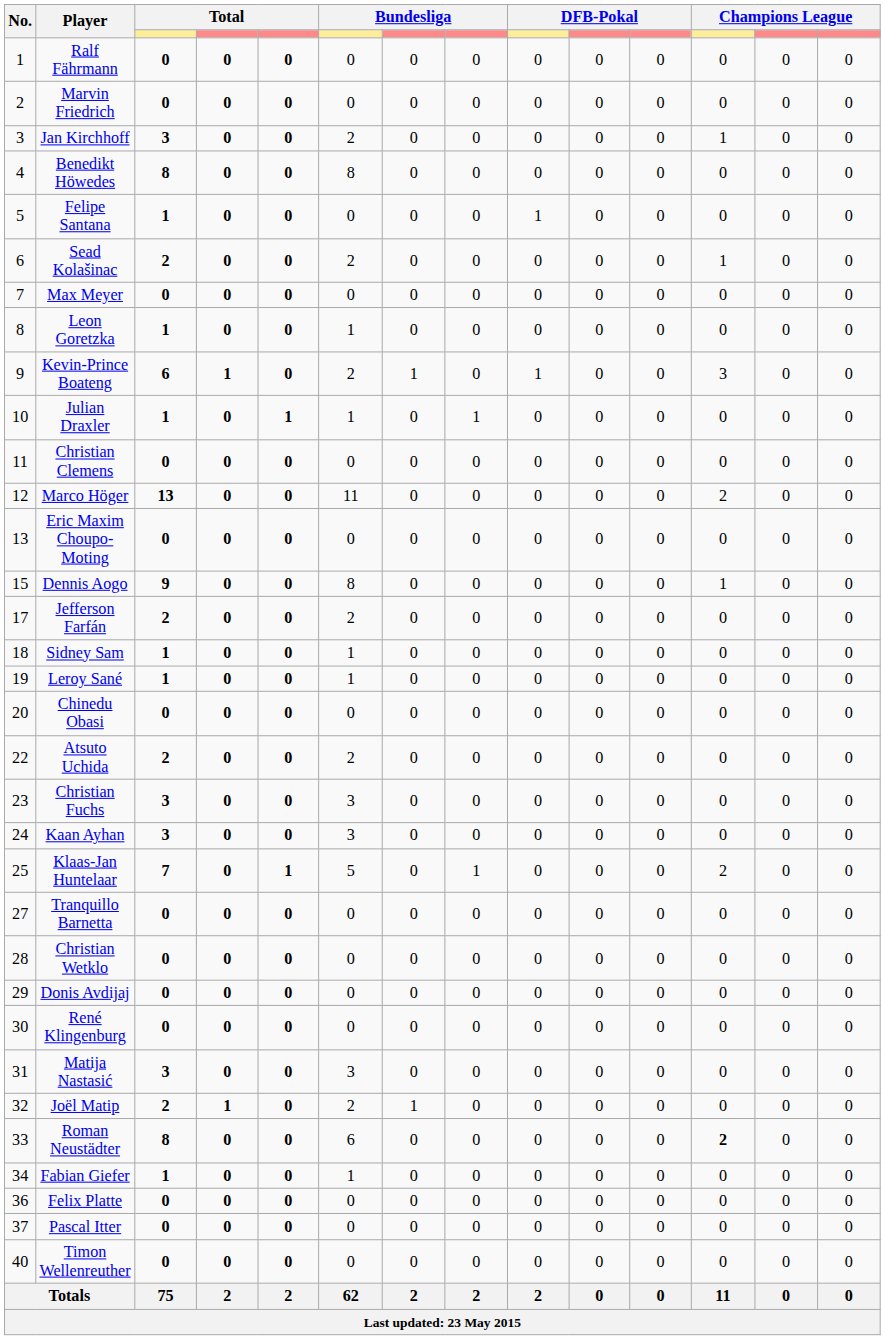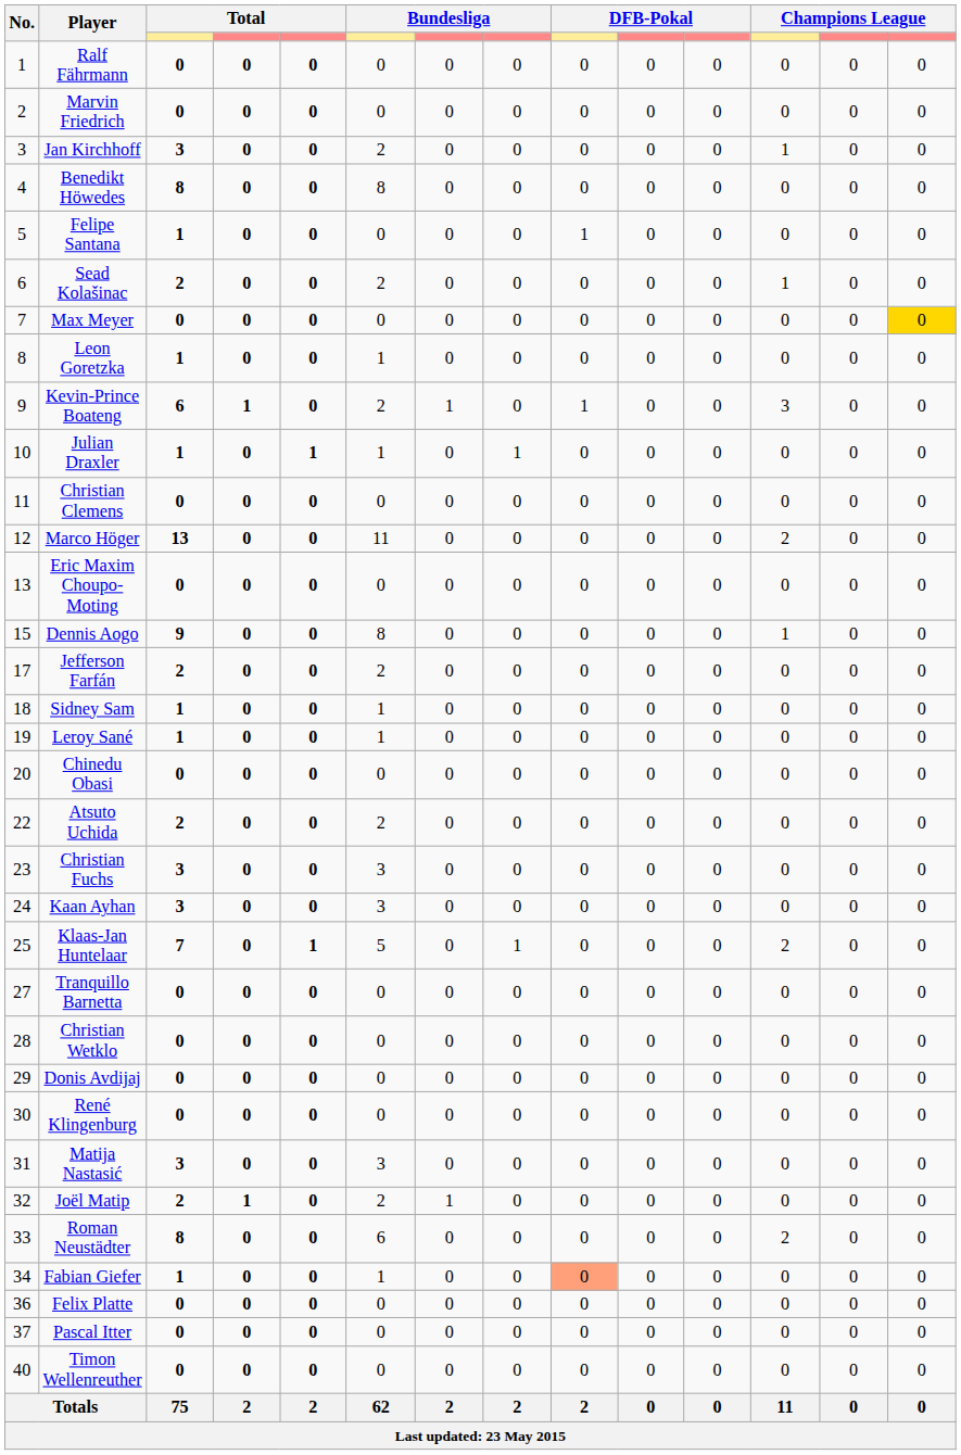 <table class="wikitable" style="text-align:center;">
 <tr style="text-align:center;">
 <th rowspan="2">No.</th>
 <th rowspan="2">Player</th>
 <th colspan="3">Total</th>
 <th colspan="3"><a href='#'>Bundesliga</a></th>
 <th colspan="3"><a href='#'>DFB-Pokal</a></th>
 <th colspan="3"><a href='#'>Champions League</a></th>
 </tr>
 <tr>
 <th style="width:60px; background:#fe9;"></th>
 <th style="width:60px; background:#ff8888;"></th>
 <th style="width:60px; background:#ff8888;"></th>
 <th style="width:60px; background:#fe9;"></th>
 <th style="width:60px; background:#ff8888;"></th>
 <th style="width:60px; background:#ff8888;"></th>
 <th style="width:60px; background:#fe9;"></th>
 <th style="width:60px; background:#ff8888;"></th>
 <th style="width:60px; background:#ff8888;"></th>
 <th style="width:60px; background:#fe9;"></th>
 <th style="width:60px; background:#ff8888;"></th>
 <th style="width:60px; background:#ff8888;"></th>
 </tr>
 <tr>
 <td>1</td>
 <td><a href='#'>Ralf Fährmann</a></td>
 <td><strong>0</strong> </td>
 <td><strong>0</strong> </td>
 <td><strong>0</strong> </td>
 <td>0 </td>
 <td>0 </td>
 <td>0 </td>
 <td>0 </td>
 <td>0 </td>
 <td>0 </td>
 <td>0 </td>
 <td>0 </td>
 <td>0 </td>
 </tr>
 <tr>
 <td>2</td>
 <td><a href='#'>Marvin Friedrich</a></td>
 <td><strong>0</strong> </td>
 <td><strong>0</strong> </td>
 <td><strong>0</strong> </td>
 <td>0 </td>
 <td>0 </td>
 <td>0 </td>
 <td>0 </td>
 <td>0 </td>
 <td>0 </td>
 <td>0 </td>
 <td>0 </td>
 <td>0 </td>
 </tr>
 <tr>
 <td>3</td>
 <td><a href='#'>Jan Kirchhoff</a></td>
 <td><strong>3</strong> </td>
 <td><strong>0</strong> </td>
 <td><strong>0</strong> </td>
 <td>2 </td>
 <td>0 </td>
 <td>0 </td>
 <td>0 </td>
 <td>0 </td>
 <td>0 </td>
 <td>1 </td>
 <td>0 </td>
 <td>0 </td>
 </tr>
 <tr>
 <td>4</td>
 <td><a href='#'>Benedikt Höwedes</a></td>
 <td><strong>8</strong> </td>
 <td><strong>0</strong> </td>
 <td><strong>0</strong> </td>
 <td>8 </td>
 <td>0 </td>
 <td>0 </td>
 <td>0 </td>
 <td>0 </td>
 <td>0 </td>
 <td>0 </td>
 <td>0 </td>
 <td>0 </td>
 </tr>
 <tr>
 <td>5</td>
 <td><a href='#'>Felipe Santana</a></td>
 <td><strong>1</strong> </td>
 <td><strong>0</strong> </td>
 <td><strong>0</strong> </td>
 <td>0 </td>
 <td>0 </td>
 <td>0 </td>
 <td>1 </td>
 <td>0 </td>
 <td>0 </td>
 <td>0 </td>
 <td>0 </td>
 <td>0 </td>
 </tr>
 <tr>
 <td>6</td>
 <td><a href='#'>Sead Kolašinac</a></td>
 <td><strong>2</strong> </td>
 <td><strong>0</strong> </td>
 <td><strong>0</strong> </td>
 <td>2 </td>
 <td>0 </td>
 <td>0 </td>
 <td>0 </td>
 <td>0 </td>
 <td>0 </td>
 <td>1 </td>
 <td>0 </td>
 <td>0 </td>
 </tr>
 <tr>
 <td>7</td>
 <td><a href='#'>Max Meyer</a></td>
 <td><strong>0</strong> </td>
 <td><strong>0</strong> </td>
 <td><strong>0</strong> </td>
 <td>0 </td>
 <td>0 </td>
 <td>0 </td>
 <td>0 </td>
 <td>0 </td>
 <td>0 </td>
 <td>0 </td>
 <td>0 </td>
-<td>0 </td>
+<td style="background: gold;">0 </td>
 </tr>
 <tr>
 <td>8</td>
 <td><a href='#'>Leon Goretzka</a></td>
 <td><strong>1</strong> </td>
 <td><strong>0</strong> </td>
 <td><strong>0</strong> </td>
 <td>1 </td>
 <td>0 </td>
 <td>0 </td>
 <td>0 </td>
 <td>0 </td>
 <td>0 </td>
 <td>0 </td>
 <td>0 </td>
 <td>0 </td>
 </tr>
 <tr>
 <td>9</td>
 <td><a href='#'>Kevin-Prince Boateng</a></td>
 <td><strong>6</strong> </td>
 <td><strong>1</strong> </td>
 <td><strong>0</strong> </td>
 <td>2 </td>
 <td>1 </td>
 <td>0 </td>
 <td>1 </td>
 <td>0 </td>
 <td>0 </td>
 <td>3 </td>
 <td>0 </td>
 <td>0 </td>
 </tr>
 <tr>
 <td>10</td>
 <td><a href='#'>Julian Draxler</a></td>
 <td><strong>1</strong> </td>
 <td><strong>0</strong> </td>
 <td><strong>1</strong> </td>
 <td>1 </td>
 <td>0 </td>
 <td>1 </td>
 <td>0 </td>
 <td>0 </td>
 <td>0 </td>
 <td>0 </td>
 <td>0 </td>
 <td>0 </td>
 </tr>
 <tr>
 <td>11</td>
 <td><a href='#'>Christian Clemens</a></td>
 <td><strong>0</strong> </td>
 <td><strong>0</strong> </td>
 <td><strong>0</strong> </td>
 <td>0 </td>
 <td>0 </td>
 <td>0 </td>
 <td>0 </td>
 <td>0 </td>
 <td>0 </td>
 <td>0 </td>
 <td>0 </td>
 <td>0 </td>
 </tr>
 <tr>
 <td>12</td>
 <td><a href='#'>Marco Höger</a></td>
 <td><strong>13</strong> </td>
 <td><strong>0</strong> </td>
 <td><strong>0</strong> </td>
 <td>11 </td>
 <td>0 </td>
 <td>0 </td>
 <td>0 </td>
 <td>0 </td>
 <td>0 </td>
 <td>2 </td>
 <td>0 </td>
 <td>0 </td>
 </tr>
 <tr>
 <td>13</td>
 <td><a href='#'>Eric Maxim Choupo-Moting</a></td>
 <td><strong>0</strong> </td>
 <td><strong>0</strong> </td>
 <td><strong>0</strong> </td>
 <td>0 </td>
 <td>0 </td>
 <td>0 </td>
 <td>0 </td>
 <td>0 </td>
 <td>0 </td>
 <td>0 </td>
 <td>0 </td>
 <td>0 </td>
 </tr>
 <tr>
 <td>15</td>
 <td><a href='#'>Dennis Aogo</a></td>
 <td><strong>9</strong> </td>
 <td><strong>0</strong> </td>
 <td><strong>0</strong> </td>
 <td>8 </td>
 <td>0 </td>
 <td>0 </td>
 <td>0 </td>
 <td>0 </td>
 <td>0 </td>
 <td>1 </td>
 <td>0 </td>
 <td>0 </td>
 </tr>
 <tr>
 <td>17</td>
 <td><a href='#'>Jefferson Farfán</a></td>
 <td><strong>2</strong> </td>
 <td><strong>0</strong> </td>
 <td><strong>0</strong> </td>
 <td>2 </td>
 <td>0 </td>
 <td>0 </td>
 <td>0 </td>
 <td>0 </td>
 <td>0 </td>
 <td>0 </td>
 <td>0 </td>
 <td>0 </td>
 </tr>
 <tr>
 <td>18</td>
 <td><a href='#'>Sidney Sam</a></td>
 <td><strong>1</strong> </td>
 <td><strong>0</strong> </td>
 <td><strong>0</strong> </td>
 <td>1 </td>
 <td>0 </td>
 <td>0 </td>
 <td>0 </td>
 <td>0 </td>
 <td>0 </td>
 <td>0 </td>
 <td>0 </td>
 <td>0 </td>
 </tr>
 <tr>
 <td>19</td>
 <td><a href='#'>Leroy Sané</a></td>
 <td><strong>1</strong> </td>
 <td><strong>0</strong> </td>
 <td><strong>0</strong> </td>
 <td>1 </td>
 <td>0 </td>
 <td>0 </td>
 <td>0 </td>
 <td>0 </td>
 <td>0 </td>
 <td>0 </td>
 <td>0 </td>
 <td>0 </td>
 </tr>
 <tr>
 <td>20</td>
 <td><a href='#'>Chinedu Obasi</a></td>
 <td><strong>0</strong> </td>
 <td><strong>0</strong> </td>
 <td><strong>0</strong> </td>
 <td>0 </td>
 <td>0 </td>
 <td>0 </td>
 <td>0 </td>
 <td>0 </td>
 <td>0 </td>
 <td>0 </td>
 <td>0 </td>
 <td>0 </td>
 </tr>
 <tr>
 <td>22</td>
 <td><a href='#'>Atsuto Uchida</a></td>
 <td><strong>2</strong> </td>
 <td><strong>0</strong> </td>
 <td><strong>0</strong> </td>
 <td>2 </td>
 <td>0 </td>
 <td>0 </td>
 <td>0 </td>
 <td>0 </td>
 <td>0 </td>
 <td>0 </td>
 <td>0 </td>
 <td>0 </td>
 </tr>
 <tr>
 <td>23</td>
 <td><a href='#'>Christian Fuchs</a></td>
 <td><strong>3</strong> </td>
 <td><strong>0</strong> </td>
 <td><strong>0</strong> </td>
 <td>3 </td>
 <td>0 </td>
 <td>0 </td>
 <td>0 </td>
 <td>0 </td>
 <td>0 </td>
 <td>0 </td>
 <td>0 </td>
 <td>0 </td>
 </tr>
 <tr>
 <td>24</td>
 <td><a href='#'>Kaan Ayhan</a></td>
 <td><strong>3</strong> </td>
 <td><strong>0</strong> </td>
 <td><strong>0</strong> </td>
 <td>3 </td>
 <td>0 </td>
 <td>0 </td>
 <td>0 </td>
 <td>0 </td>
 <td>0 </td>
 <td>0 </td>
 <td>0 </td>
 <td>0 </td>
 </tr>
 <tr>
 <td>25</td>
 <td><a href='#'>Klaas-Jan Huntelaar</a></td>
 <td><strong>7</strong> </td>
 <td><strong>0</strong> </td>
 <td><strong>1</strong> </td>
 <td>5 </td>
 <td>0 </td>
 <td>1 </td>
 <td>0 </td>
 <td>0 </td>
 <td>0 </td>
 <td>2 </td>
 <td>0 </td>
 <td>0 </td>
 </tr>
 <tr>
 <td>27</td>
 <td><a href='#'>Tranquillo Barnetta</a></td>
 <td><strong>0</strong> </td>
 <td><strong>0</strong> </td>
 <td><strong>0</strong> </td>
 <td>0 </td>
 <td>0 </td>
 <td>0 </td>
 <td>0 </td>
 <td>0 </td>
 <td>0 </td>
 <td>0 </td>
 <td>0 </td>
 <td>0 </td>
 </tr>
 <tr>
 <td>28</td>
 <td><a href='#'>Christian Wetklo</a></td>
 <td><strong>0</strong> </td>
 <td><strong>0</strong> </td>
 <td><strong>0</strong> </td>
 <td>0 </td>
 <td>0 </td>
 <td>0 </td>
 <td>0 </td>
 <td>0 </td>
 <td>0 </td>
 <td>0 </td>
 <td>0 </td>
 <td>0 </td>
 </tr>
 <tr>
 <td>29</td>
 <td><a href='#'>Donis Avdijaj</a></td>
 <td><strong>0</strong> </td>
 <td><strong>0</strong> </td>
 <td><strong>0</strong> </td>
 <td>0 </td>
 <td>0 </td>
 <td>0 </td>
 <td>0 </td>
 <td>0 </td>
 <td>0 </td>
 <td>0 </td>
 <td>0 </td>
 <td>0 </td>
 </tr>
 <tr>
 <td>30</td>
 <td><a href='#'>René Klingenburg</a></td>
 <td><strong>0</strong> </td>
 <td><strong>0</strong> </td>
 <td><strong>0</strong> </td>
 <td>0 </td>
 <td>0 </td>
 <td>0 </td>
 <td>0 </td>
 <td>0 </td>
 <td>0 </td>
 <td>0 </td>
 <td>0 </td>
 <td>0 </td>
 </tr>
 <tr>
 <td>31</td>
 <td><a href='#'>Matija Nastasić</a></td>
 <td><strong>3</strong> </td>
 <td><strong>0</strong> </td>
 <td><strong>0</strong> </td>
 <td>3 </td>
 <td>0 </td>
 <td>0 </td>
 <td>0 </td>
 <td>0 </td>
 <td>0 </td>
 <td>0 </td>
 <td>0 </td>
 <td>0 </td>
 </tr>
 <tr>
 <td>32</td>
 <td><a href='#'>Joël Matip</a></td>
 <td><strong>2</strong> </td>
 <td><strong>1</strong> </td>
 <td><strong>0</strong> </td>
 <td>2 </td>
 <td>1 </td>
 <td>0 </td>
 <td>0 </td>
 <td>0 </td>
 <td>0 </td>
 <td>0 </td>
 <td>0 </td>
 <td>0 </td>
 </tr>
 <tr>
 <td>33</td>
 <td><a href='#'>Roman Neustädter</a></td>
 <td><strong>8</strong> </td>
 <td><strong>0</strong> </td>
 <td><strong>0</strong> </td>
 <td>6 </td>
 <td>0 </td>
 <td>0 </td>
 <td>0 </td>
 <td>0 </td>
 <td>0 </td>
-<td><strong>2 </strong></td>
+<td>2 </td>
 <td>0 </td>
 <td>0 </td>
 </tr>
 <tr>
 <td>34</td>
 <td><a href='#'>Fabian Giefer</a></td>
 <td><strong>1</strong> </td>
 <td><strong>0</strong> </td>
 <td><strong>0</strong> </td>
 <td>1 </td>
 <td>0 </td>
 <td>0 </td>
-<td>0 </td>
+<td style="background: lightsalmon;">0 </td>
 <td>0 </td>
 <td>0 </td>
 <td>0 </td>
 <td>0 </td>
 <td>0 </td>
 </tr>
 <tr>
 <td>36</td>
 <td><a href='#'>Felix Platte</a></td>
 <td><strong>0</strong> </td>
 <td><strong>0</strong> </td>
 <td><strong>0</strong> </td>
 <td>0 </td>
 <td>0 </td>
 <td>0 </td>
 <td>0 </td>
 <td>0 </td>
 <td>0 </td>
 <td>0 </td>
 <td>0 </td>
 <td>0 </td>
 </tr>
 <tr>
 <td>37</td>
 <td><a href='#'>Pascal Itter</a></td>
 <td><strong>0</strong> </td>
 <td><strong>0</strong> </td>
 <td><strong>0</strong> </td>
 <td>0 </td>
 <td>0 </td>
 <td>0 </td>
 <td>0 </td>
 <td>0 </td>
 <td>0 </td>
 <td>0 </td>
 <td>0 </td>
 <td>0 </td>
 </tr>
 <tr>
 <td>40</td>
 <td><a href='#'>Timon Wellenreuther</a></td>
 <td><strong>0</strong> </td>
 <td><strong>0</strong> </td>
 <td><strong>0</strong> </td>
 <td>0 </td>
 <td>0 </td>
 <td>0 </td>
 <td>0 </td>
 <td>0 </td>
 <td>0 </td>
 <td>0 </td>
 <td>0 </td>
 <td>0 </td>
 </tr>
 <tr>
 <th colspan="2">Totals</th>
 <th>75 </th>
 <th>2 </th>
 <th>2 </th>
 <th>62 </th>
 <th>2 </th>
 <th>2 </th>
 <th>2 </th>
 <th>0 </th>
 <th>0 </th>
 <th>11 </th>
 <th>0 </th>
 <th>0 </th>
 </tr>
 <tr>
 <th colspan="14"><small>Last updated: 23 May 2015</small></th>
 </tr>
 </table>
